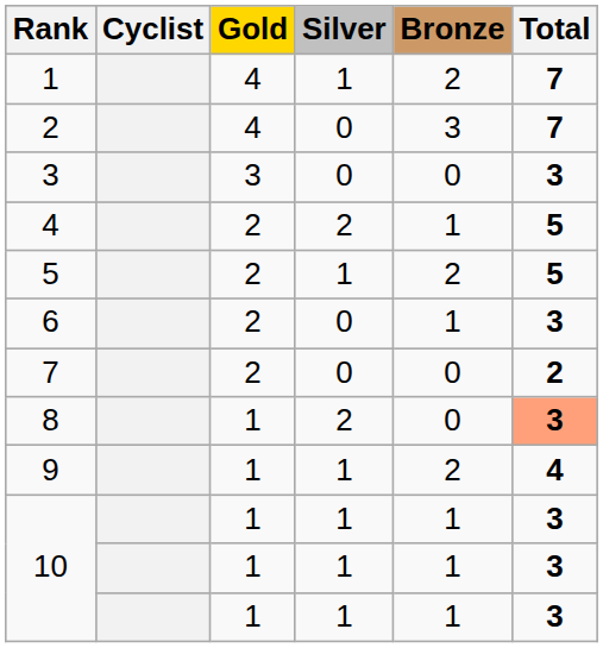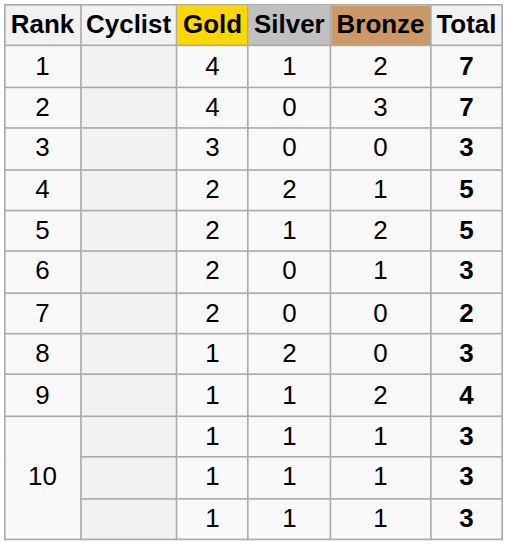 <table class="wikitable sortable plainrowheaders" style="text-align: center">
 <tr>
 <th scope=col>Rank</th>
 <th scope=col>Cyclist</th>
 <th scope=col style="background-color: gold">Gold</th>
 <th scope=col style="background-color: silver">Silver</th>
 <th scope=col style="background-color: #cc9966">Bronze</th>
 <th scope=col>Total</th>
 </tr>
 <tr>
 <td style="text-align:center">1</td>
 <th scope=row align=left></th>
 <td>4</td>
 <td>1</td>
 <td>2</td>
 <td><strong>7</strong></td>
 </tr>
 <tr>
 <td style="text-align:center">2</td>
 <th scope=row align=left></th>
 <td>4</td>
 <td>0</td>
 <td>3</td>
 <td><strong>7</strong></td>
 </tr>
 <tr>
 <td style="text-align:center">3</td>
 <th scope=row align=left></th>
 <td>3</td>
 <td>0</td>
 <td>0</td>
 <td><strong>3</strong></td>
 </tr>
 <tr>
 <td style="text-align:center">4</td>
 <th scope=row align=left></th>
 <td>2</td>
 <td>2</td>
 <td>1</td>
 <td><strong>5</strong></td>
 </tr>
 <tr>
 <td style="text-align:center">5</td>
 <th scope=row align=left></th>
 <td>2</td>
 <td>1</td>
 <td>2</td>
 <td><strong>5</strong></td>
 </tr>
 <tr>
 <td style="text-align:center">6</td>
 <th scope=row align=left></th>
 <td>2</td>
 <td>0</td>
 <td>1</td>
 <td><strong>3</strong></td>
 </tr>
 <tr>
 <td style="text-align:center">7</td>
 <th scope=row align=left></th>
 <td>2</td>
 <td>0</td>
 <td>0</td>
 <td><strong>2</strong></td>
 </tr>
 <tr>
 <td style="text-align:center">8</td>
 <th scope=row align=left></th>
 <td>1</td>
 <td>2</td>
 <td>0</td>
-<td style="background: lightsalmon;"><strong>3</strong></td>
+<td><strong>3</strong></td>
 </tr>
 <tr>
 <td style="text-align:center">9</td>
 <th scope=row align=left></th>
 <td>1</td>
 <td>1</td>
 <td>2</td>
 <td><strong>4</strong></td>
 </tr>
 <tr>
 <td style="text-align:center" rowspan=3>10</td>
 <th scope=row align=left></th>
 <td>1</td>
 <td>1</td>
 <td>1</td>
 <td><strong>3</strong></td>
 </tr>
 <tr>
 <th scope=row align=left></th>
 <td>1</td>
 <td>1</td>
 <td>1</td>
 <td><strong>3</strong></td>
 </tr>
 <tr>
 <th scope=row align=left></th>
 <td>1</td>
 <td>1</td>
 <td>1</td>
 <td><strong>3</strong></td>
 </tr>
 </table>
